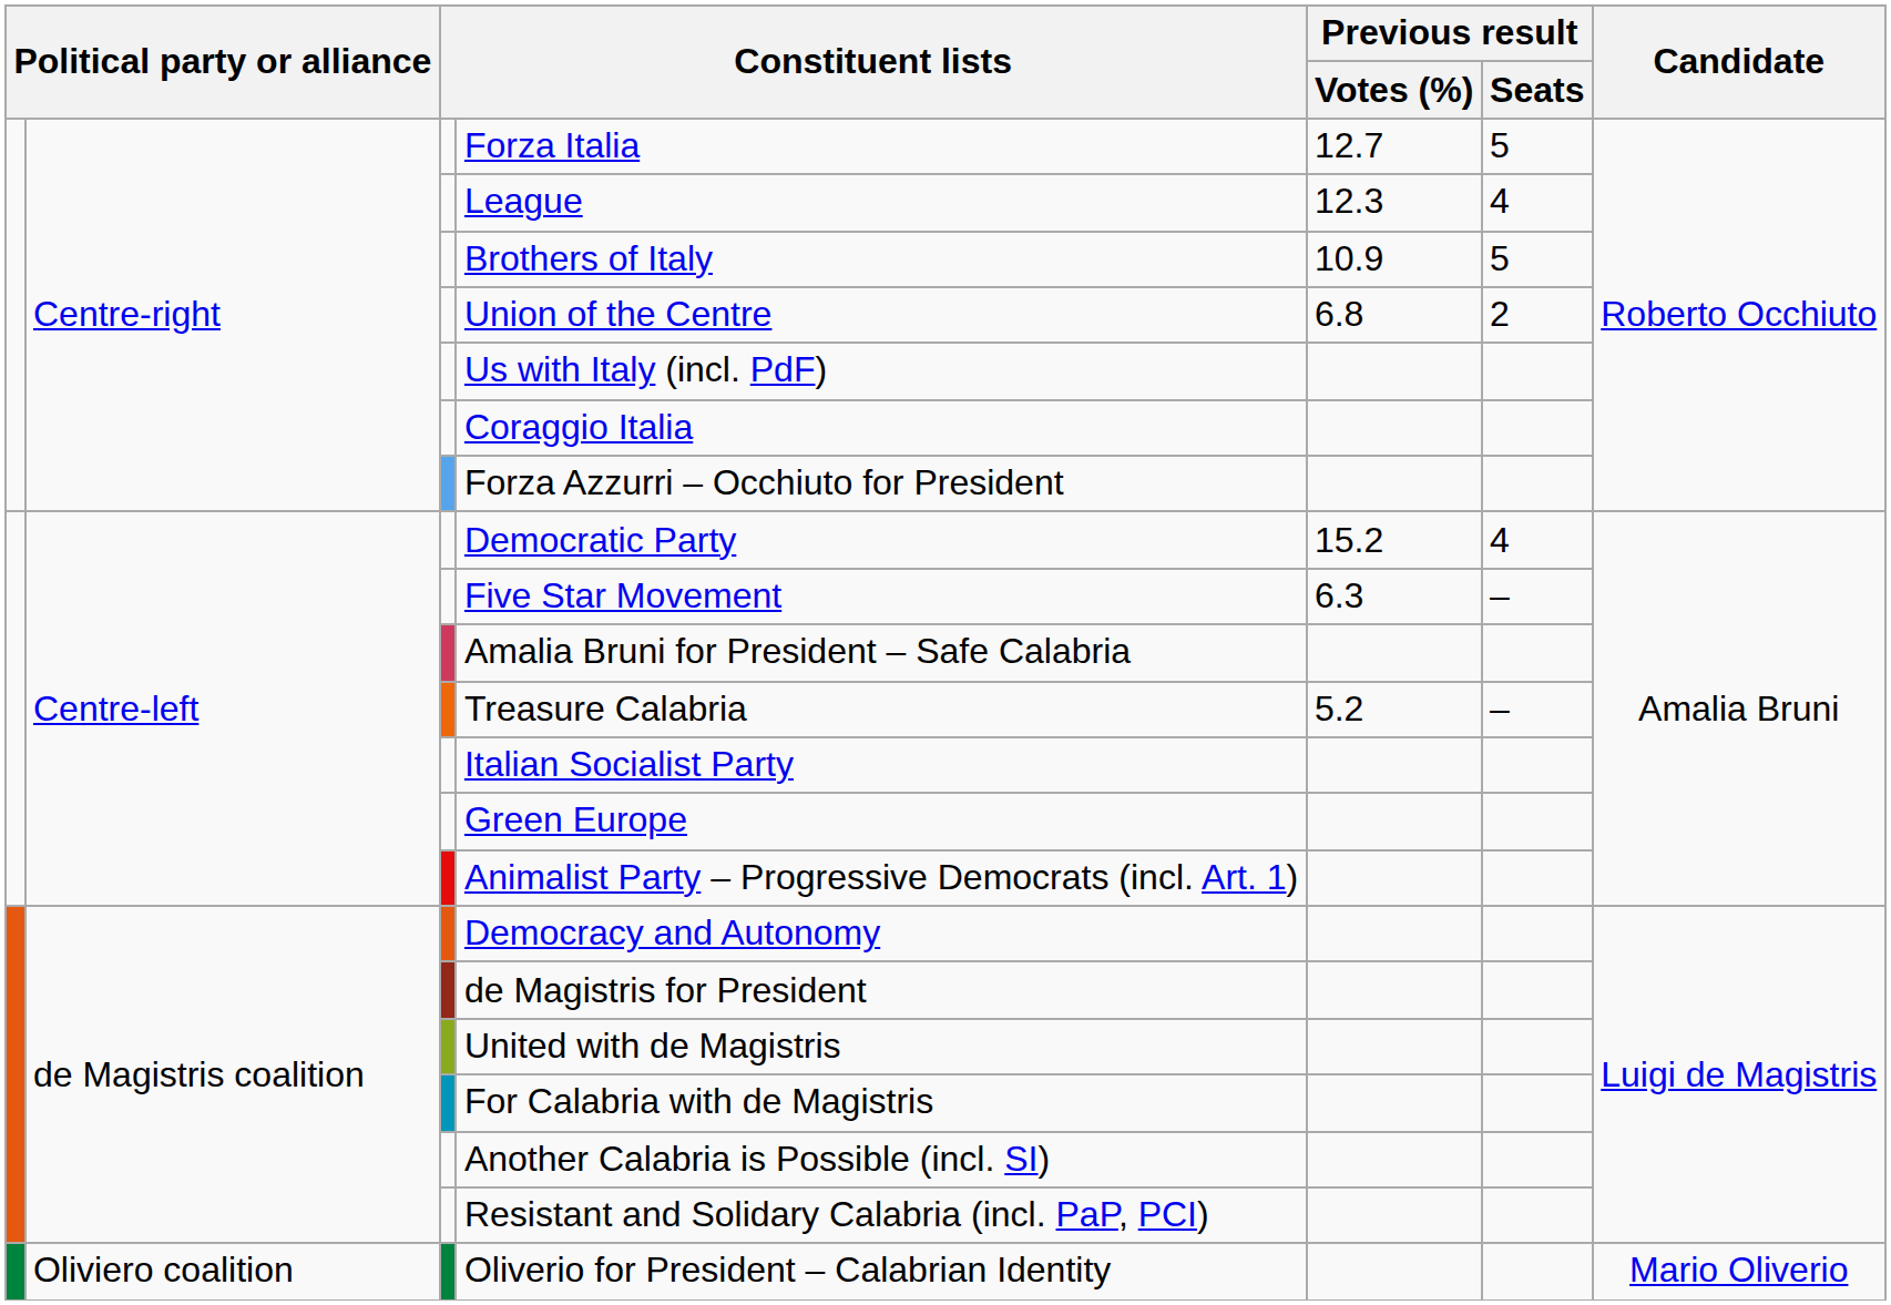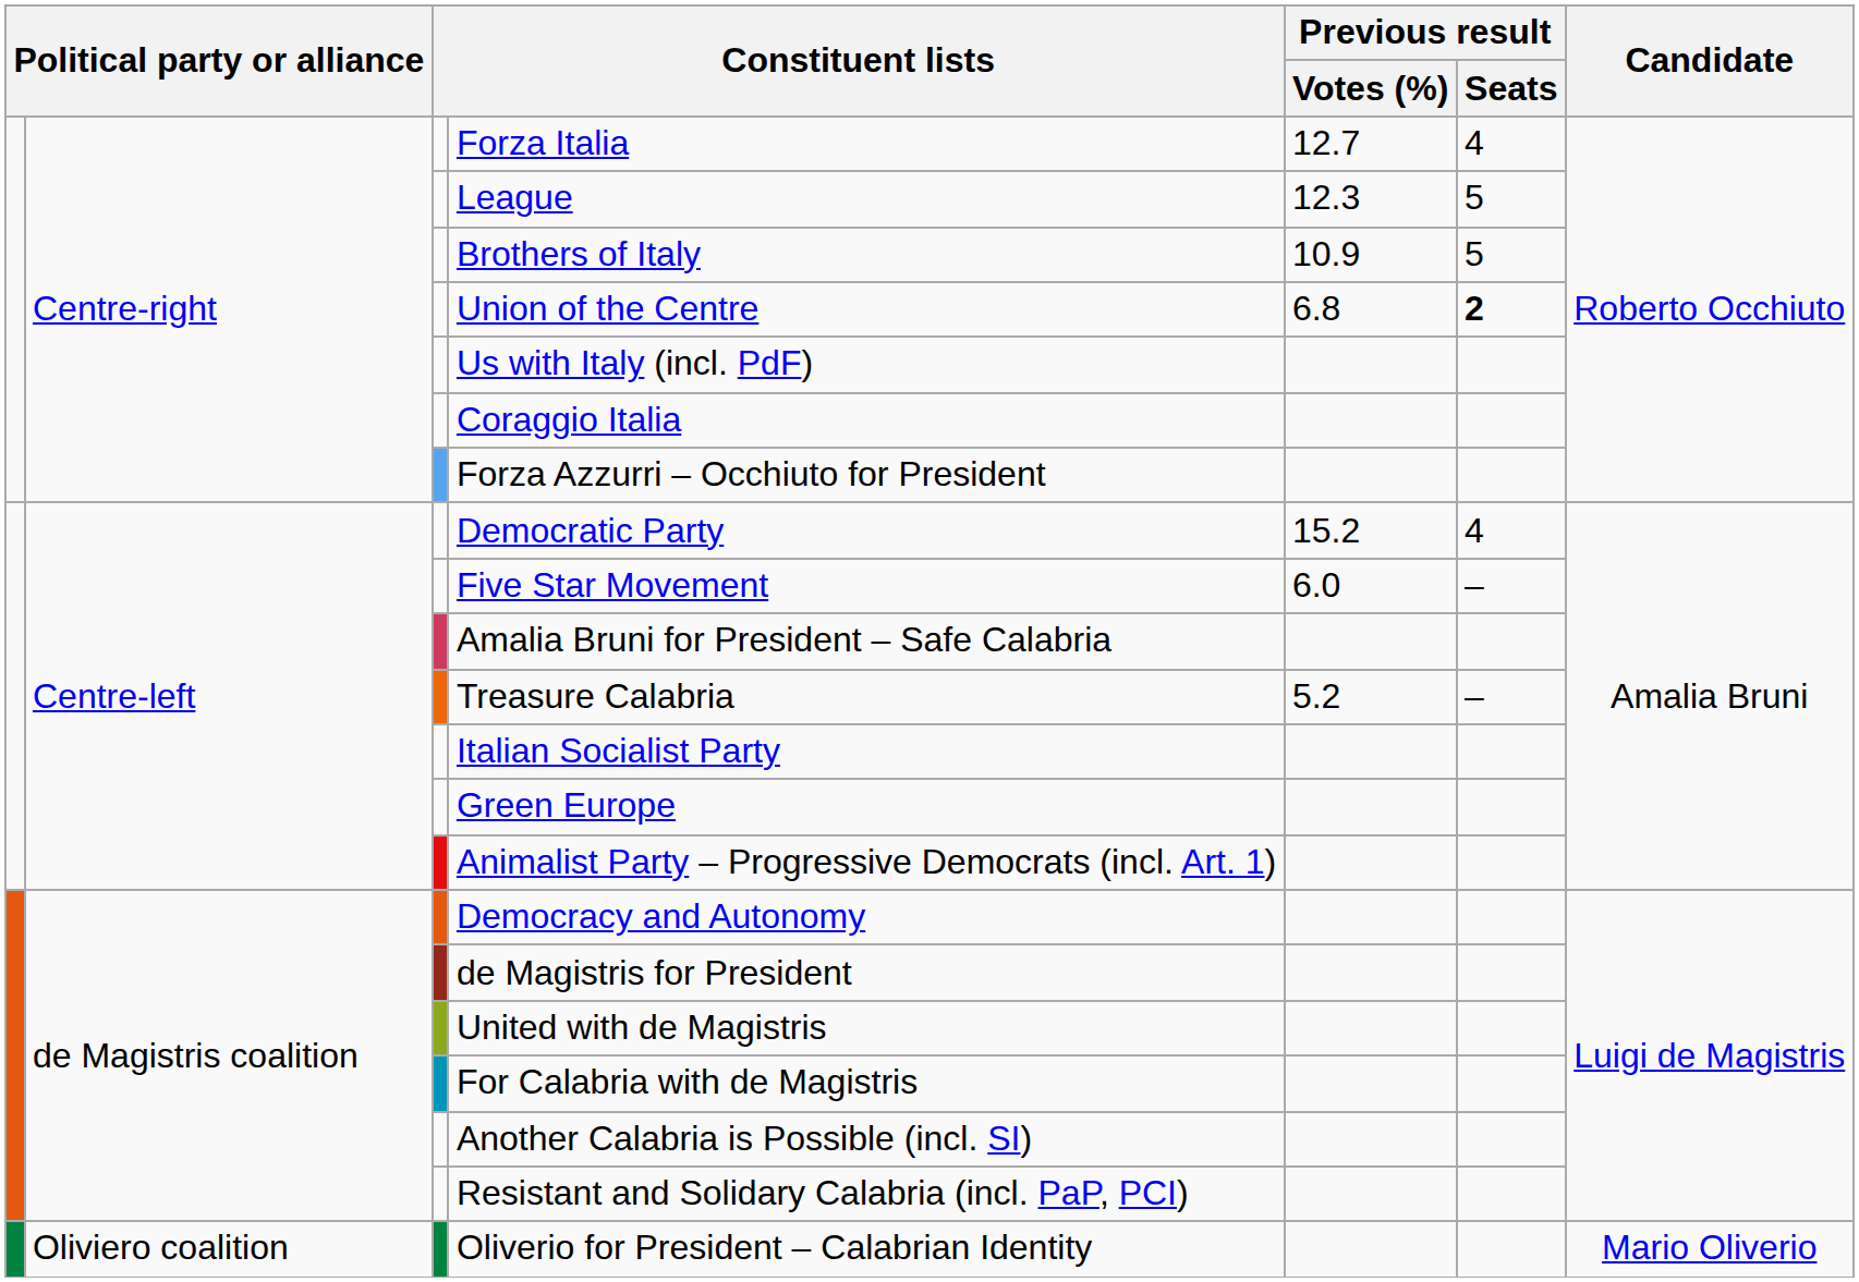 <table class="wikitable" style="text-align:left">
 <tr>
 <th colspan=2 rowspan="2">Political party or alliance</th>
 <th colspan=2 rowspan="2">Constituent lists</th>
 <th colspan="2">Previous result</th>
 <th colspan="2" rowspan="2">Candidate</th>
 </tr>
 <tr>
 <th>Votes (%)</th>
 <th>Seats</th>
 </tr>
 <tr>
 <td rowspan="7" style="background:"></td>
 <td rowspan="7"><a href='#'>Centre-right</a></td>
 <td></td>
 <td style="text-align:left;"><a href='#'>Forza Italia</a></td>
 <td>12.7</td>
-<td>5</td>
+<td>4</td>
 <td rowspan="7" style="text-align:center;"><a href='#'>Roberto Occhiuto</a></td>
 </tr>
 <tr>
 <td></td>
 <td style="text-align:left;"><a href='#'>League</a></td>
 <td>12.3</td>
-<td>4</td>
+<td>5</td>
 </tr>
 <tr>
 <td></td>
 <td style="text-align:left;"><a href='#'>Brothers of Italy</a></td>
 <td>10.9</td>
 <td>5</td>
 </tr>
 <tr>
 <td></td>
 <td style="text-align:left;"><a href='#'>Union of the Centre</a></td>
 <td>6.8</td>
-<td>2</td>
+<td><strong>2</strong></td>
 </tr>
 <tr>
 <td></td>
 <td style="text-align:left;"><a href='#'>Us with Italy</a> (incl. <a href='#'>PdF</a>)</td>
 <td></td>
 <td></td>
 </tr>
 <tr>
 <td></td>
 <td style="text-align:left;"><a href='#'>Coraggio Italia</a></td>
 <td></td>
 <td></td>
 </tr>
 <tr>
 <td bgcolor="#56A5EC"></td>
 <td style="text-align:left;">Forza Azzurri – Occhiuto for President</td>
 <td></td>
 <td></td>
 </tr>
 <tr>
 <td rowspan="7"></td>
 <td rowspan="7"><a href='#'>Centre-left</a></td>
 <td></td>
 <td style="text-align:left;"><a href='#'>Democratic Party</a></td>
 <td>15.2</td>
 <td>4</td>
 <td rowspan="7" style="text-align:center;">Amalia Bruni</td>
 </tr>
 <tr>
 <td></td>
 <td style="text-align:left;"><a href='#'>Five Star Movement</a></td>
-<td>6.3</td>
+<td>6.0</td>
 <td>–</td>
 </tr>
 <tr>
 <td bgcolor="#CE3A5E"></td>
 <td style="text-align:left;">Amalia Bruni for President – Safe Calabria</td>
 <td></td>
 <td></td>
 </tr>
 <tr>
 <td bgcolor="#EE6709"></td>
 <td style="text-align:left;">Treasure Calabria</td>
 <td>5.2</td>
 <td>–</td>
 </tr>
 <tr>
 <td></td>
 <td style="text-align:left;"><a href='#'>Italian Socialist Party</a></td>
 <td></td>
 <td></td>
 </tr>
 <tr>
 <td></td>
 <td style="text-align:left;"><a href='#'>Green Europe</a></td>
 <td></td>
 <td></td>
 </tr>
 <tr>
 <td bgcolor="#E60C0C"></td>
 <td style="text-align:left;"><a href='#'>Animalist Party</a> – Progressive Democrats (incl. <a href='#'>Art. 1</a>)</td>
 <td></td>
 <td></td>
 </tr>
 <tr>
 <td rowspan="6" bgcolor="#E4590F"></td>
 <td rowspan="6">de Magistris coalition</td>
 <td bgcolor="#E4590F"></td>
 <td style="text-align:left;"><a href='#'>Democracy and Autonomy</a></td>
 <td></td>
 <td></td>
 <td rowspan="6" style="text-align:center;"><a href='#'>Luigi de Magistris</a></td>
 </tr>
 <tr>
 <td bgcolor="#93271A"></td>
 <td style="text-align:left;">de Magistris for President</td>
 <td></td>
 <td></td>
 </tr>
 <tr>
 <td bgcolor="#89AA1D"></td>
 <td style="text-align:left;">United with de Magistris</td>
 <td></td>
 <td></td>
 </tr>
 <tr>
 <td bgcolor="#0196B9"></td>
 <td style="text-align:left;">For Calabria with de Magistris</td>
 <td></td>
 <td></td>
 </tr>
 <tr>
 <td></td>
 <td style="text-align:left;">Another Calabria is Possible (incl. <a href='#'>SI</a>)</td>
 <td></td>
 <td></td>
 </tr>
 <tr>
 <td></td>
 <td style="text-align:left;">Resistant and Solidary Calabria (incl. <a href='#'>PaP</a>, <a href='#'>PCI</a>)</td>
 <td></td>
 <td></td>
 </tr>
 <tr>
 <td rowspan="1" bgcolor="#00833F"></td>
 <td rowspan="1">Oliviero coalition</td>
 <td bgcolor="#00833F"></td>
 <td style="text-align:left;">Oliverio for President – Calabrian Identity</td>
 <td></td>
 <td></td>
 <td rowspan="1" style="text-align:center;"><a href='#'>Mario Oliverio</a></td>
 </tr>
 <tr>
 </tr>
 </table>
